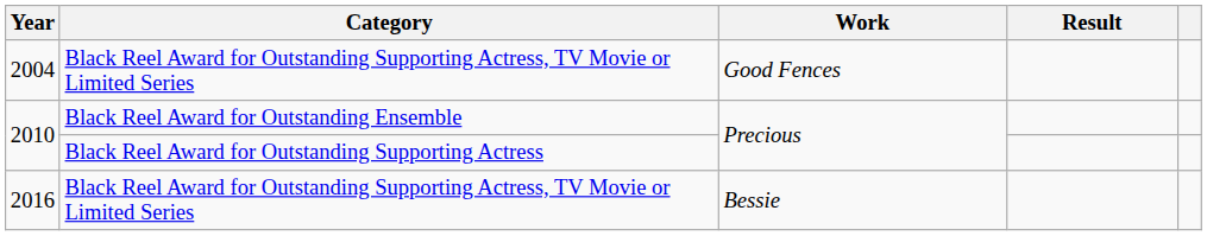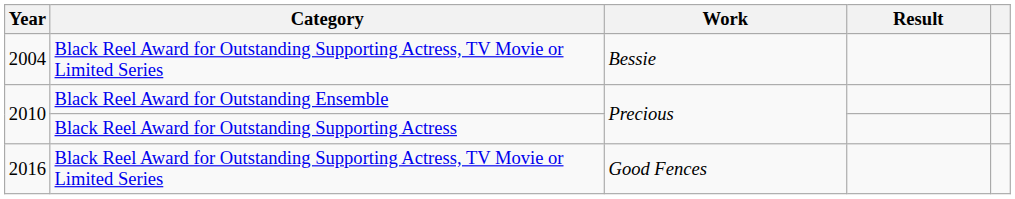 <table class="wikitable">
 <tr>
 <th scope="col" style="width:1em;">Year</th>
 <th scope="col" style="width:44em;">Category</th>
 <th scope="col" style="width:18em;">Work</th>
 <th scope="col" style="width:10em;">Result</th>
 <th class="unsortable" style="width:1em;"></th>
 </tr>
 <tr>
 <td>2004</td>
 <td><a href='#'>Black Reel Award for Outstanding Supporting Actress, TV Movie or Limited Series</a></td>
-<td><em>Good Fences</em></td>
+<td><em>Bessie</em></td>
 <td></td>
 <td></td>
 </tr>
 <tr>
 <td rowspan="2">2010</td>
 <td><a href='#'>Black Reel Award for Outstanding Ensemble</a></td>
 <td rowspan="2"><em>Precious</em></td>
 <td></td>
 <td></td>
 </tr>
 <tr>
 <td><a href='#'>Black Reel Award for Outstanding Supporting Actress</a></td>
 <td></td>
 <td></td>
 </tr>
 <tr>
 <td>2016</td>
 <td><a href='#'>Black Reel Award for Outstanding Supporting Actress, TV Movie or Limited Series</a></td>
-<td><em>Bessie</em></td>
+<td><em>Good Fences</em></td>
 <td></td>
 <td></td>
 </tr>
 </table>
